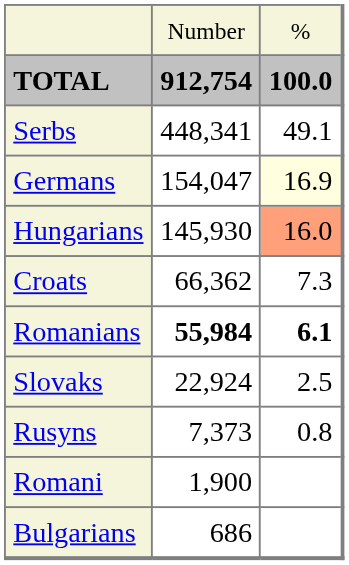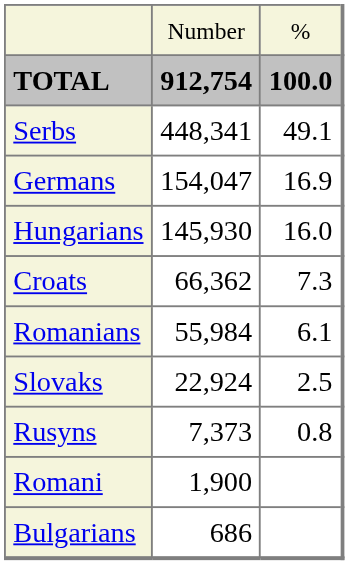 <table border=1 cellpadding=4 cellspacing=0 class="toccolours" style="align: left; margin: 0.5em 0 0 0; border-style: solid; border: 1px solid #7f7f7f; border-right-width: 2px; border-bottom-width: 2px; border-collapse: collapse; font-size: 95%;">
 <tr>
 <td style="background:#F5F5DC;"></td>
 <td style="background:#F5F5DC;" align="center"><small>Number</small></td>
 <td style="background:#F5F5DC;" align="center"><small>%</small></td>
 </tr>
 <tr>
 <td style="background:#c1c1c1;"><strong>TOTAL</strong></td>
 <td colspan=1 style="background:#c1c1c1;" align="center"><strong>912,754</strong></td>
 <td colspan=1 style="background:#c1c1c1;" align="center"><strong>100.0</strong></td>
 </tr>
 <tr>
 <td style="background:#F5F5DC;"><a href='#'>Serbs</a></td>
 <td align="right">448,341</td>
 <td align="right">49.1</td>
 </tr>
 <tr>
 <td style="background:#F5F5DC;"><a href='#'>Germans</a></td>
 <td align="right">154,047</td>
-<td align="right" style="background: lightyellow;">16.9</td>
+<td align="right">16.9</td>
 </tr>
 <tr>
 <td style="background:#F5F5DC;"><a href='#'>Hungarians</a></td>
 <td align="right">145,930</td>
-<td align="right" style="background: lightsalmon;">16.0</td>
+<td align="right">16.0</td>
 </tr>
 <tr>
 <td style="background:#F5F5DC;"><a href='#'>Croats</a></td>
 <td align="right">66,362</td>
 <td align="right">7.3</td>
 </tr>
 <tr>
 <td style="background:#F5F5DC;"><a href='#'>Romanians</a></td>
-<td align="right"><strong>55,984</strong></td>
-<td align="right"><strong>6.1</strong></td>
+<td align="right">55,984</td>
+<td align="right">6.1</td>
 </tr>
 <tr>
 <td style="background:#F5F5DC;"><a href='#'>Slovaks</a></td>
 <td align="right">22,924</td>
 <td align="right">2.5</td>
 </tr>
 <tr>
 <td style="background:#F5F5DC;"><a href='#'>Rusyns</a></td>
 <td align="right">7,373</td>
 <td align="right">0.8</td>
 </tr>
 <tr>
 <td style="background:#F5F5DC;"><a href='#'>Romani</a></td>
 <td align="right">1,900</td>
 <td></td>
 </tr>
 <tr>
 <td style="background:#F5F5DC;"><a href='#'>Bulgarians</a></td>
 <td align="right">686</td>
 <td align="right"></td>
 </tr>
 <tr>
 </tr>
 </table>
